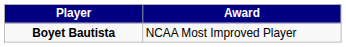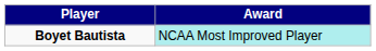 <table class="wikitable" style="text-align: left">
 <tr>
 <th style="color: white; background-color: #020080; width:180px">Player</th>
 <th style="color: white; background-color: #020080; width:260px">Award</th>
 </tr>
 <tr>
 <td style="text-align:center;"><strong>Boyet Bautista</strong></td>
-<td>NCAA Most Improved Player</td>
+<td style="background: paleturquoise;">NCAA Most Improved Player</td>
 </tr>
 </table>
